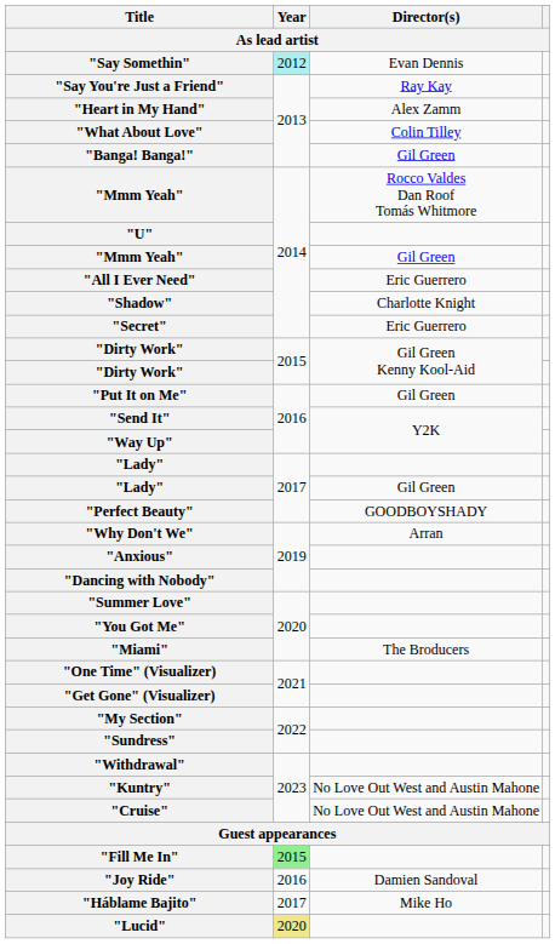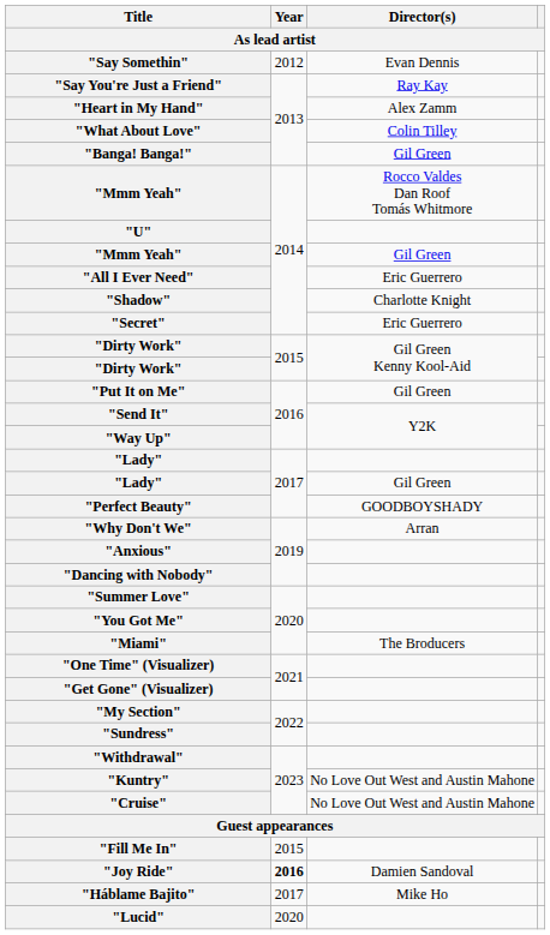 <table class="wikitable plainrowheaders" style="text-align:center;">
 <tr>
 <th scope="col" style="width:18em;">Title</th>
 <th scope="col">Year</th>
 <th scope="col">Director(s)</th>
 <th scope="col"></th>
 </tr>
 <tr>
 <th scope="col" colspan="4">As lead artist</th>
 </tr>
 <tr>
 <th scope="row">"Say Somethin"</th>
-<td style="background: paleturquoise;">2012</td>
+<td>2012</td>
 <td>Evan Dennis</td>
 <td></td>
 </tr>
 <tr>
 <th scope="row">"Say You're Just a Friend"<br></th>
 <td rowspan="4">2013</td>
 <td><a href='#'>Ray Kay</a></td>
 <td></td>
 </tr>
 <tr>
 <th scope="row">"Heart in My Hand"</th>
 <td>Alex Zamm</td>
 <td></td>
 </tr>
 <tr>
 <th scope="row">"What About Love"</th>
 <td><a href='#'>Colin Tilley</a></td>
 <td></td>
 </tr>
 <tr>
 <th scope="row">"Banga! Banga!"</th>
 <td><a href='#'>Gil Green</a></td>
 <td></td>
 </tr>
 <tr>
 <th scope="row">"Mmm Yeah" <br></th>
 <td rowspan="6">2014</td>
 <td><a href='#'>Rocco Valdes</a><br>Dan Roof<br>Tomás Whitmore</td>
 <td></td>
 </tr>
 <tr>
 <th scope="row">"U"</th>
 <td></td>
 <td></td>
 </tr>
 <tr>
 <th scope="row">"Mmm Yeah" </th>
 <td><a href='#'>Gil Green</a></td>
 <td></td>
 </tr>
 <tr>
 <th scope="row">"All I Ever Need"</th>
 <td>Eric Guerrero</td>
 <td></td>
 </tr>
 <tr>
 <th scope="row">"Shadow"</th>
 <td>Charlotte Knight</td>
 <td></td>
 </tr>
 <tr>
 <th scope="row">"Secret"</th>
 <td>Eric Guerrero</td>
 <td></td>
 </tr>
 <tr>
 <th scope="row">"Dirty Work"</th>
 <td rowspan="2">2015</td>
 <td rowspan="2">Gil Green<br>Kenny Kool-Aid</td>
 <td></td>
 </tr>
 <tr>
 <th scope="row">"Dirty Work" </th>
 <td></td>
 </tr>
 <tr>
 <th scope="row">"Put It on Me"<br></th>
 <td rowspan="3">2016</td>
 <td>Gil Green</td>
 <td></td>
 </tr>
 <tr>
 <th scope="row">"Send It" <br></th>
 <td rowspan="2">Y2K</td>
 <td></td>
 </tr>
 <tr>
 <th scope="row">"Way Up" </th>
 <td></td>
 </tr>
 <tr>
 <th scope="row">"Lady" <br></th>
 <td rowspan="3">2017</td>
 <td></td>
 <td></td>
 </tr>
 <tr>
 <th scope="row">"Lady"<br></th>
 <td>Gil Green</td>
 <td></td>
 </tr>
 <tr>
 <th scope="row">"Perfect Beauty"<br></th>
 <td>GOODBOYSHADY</td>
 <td></td>
 </tr>
 <tr>
 <th scope="row">"Why Don't We"</th>
 <td rowspan="3">2019</td>
 <td>Arran</td>
 <td></td>
 </tr>
 <tr>
 <th scope="row">"Anxious"</th>
 <td></td>
 <td></td>
 </tr>
 <tr>
 <th scope="row">"Dancing with Nobody"</th>
 <td></td>
 <td></td>
 </tr>
 <tr>
 <th scope="row">"Summer Love"</th>
 <td rowspan="3">2020</td>
 <td></td>
 <td></td>
 </tr>
 <tr>
 <th scope="row">"You Got Me"<br></th>
 <td></td>
 <td></td>
 </tr>
 <tr>
 <th scope="row">"Miami"<br></th>
 <td>The Broducers</td>
 <td></td>
 </tr>
 <tr>
 <th scope="row">"One Time" (Visualizer)</th>
 <td rowspan="2">2021</td>
 <td></td>
 <td></td>
 </tr>
 <tr>
 <th scope="row">"Get Gone" (Visualizer)</th>
 <td></td>
 <td></td>
 </tr>
 <tr>
 <th scope="row">"My Section"<br></th>
 <td rowspan="2">2022</td>
 <td></td>
 <td></td>
 </tr>
 <tr>
 <th scope="row">"Sundress"</th>
 <td></td>
 <td></td>
 </tr>
 <tr>
 <th scope="row">"Withdrawal"</th>
 <td rowspan="3">2023</td>
 <td></td>
 <td></td>
 </tr>
 <tr>
 <th scope="row">"Kuntry"</th>
 <td>No Love Out West and Austin Mahone</td>
 <td></td>
 </tr>
 <tr>
 <th scope="row">"Cruise"</th>
 <td>No Love Out West and Austin Mahone</td>
 <td></td>
 </tr>
 <tr>
 <th scope="col" colspan="4">Guest appearances</th>
 </tr>
 <tr>
 <th scope="row">"Fill Me In"<br></th>
-<td style="background: lightgreen;">2015</td>
+<td>2015</td>
 <td></td>
 <td></td>
 </tr>
 <tr>
 <th scope="row">"Joy Ride"<br></th>
-<td>2016</td>
+<td><strong>2016</strong></td>
 <td>Damien Sandoval</td>
 <td></td>
 </tr>
 <tr>
 <th scope="row">"Háblame Bajito"<br></th>
 <td>2017</td>
 <td>Mike Ho</td>
 <td></td>
 </tr>
 <tr>
 <th scope="row">"Lucid"<br></th>
-<td style="background: khaki;">2020</td>
+<td>2020</td>
 <td></td>
 <td></td>
 </tr>
 </table>
